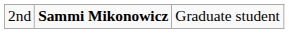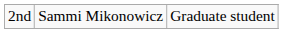 <table class="wikitable" border="1">
 <tr align=center>
 </tr>
 <tr>
 <td>2nd</td>
-<td><strong>Sammi Mikonowicz</strong></td>
+<td>Sammi Mikonowicz</td>
 <td>Graduate student</td>
 </tr>
 <tr>
 </tr>
 </table>
